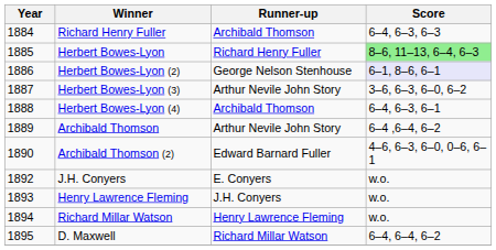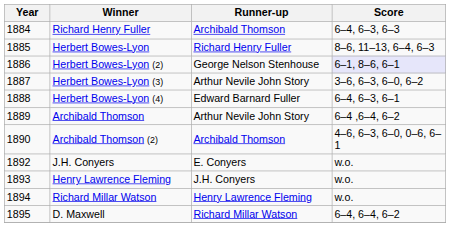 <table class="wikitable" style="font-size:98%;">
 <tr>
 <th style="width:60px;">Year</th>
 <th style="width:200px;">Winner</th>
 <th style="width:200px;">Runner-up</th>
 <th style="width:160px;">Score</th>
 </tr>
 <tr>
 <td>1884</td>
 <td> <a href='#'>Richard Henry Fuller</a></td>
 <td> <a href='#'>Archibald Thomson</a></td>
 <td>6–4, 6–3, 6–3</td>
 </tr>
 <tr>
 <td>1885</td>
 <td> <a href='#'>Herbert Bowes-Lyon</a></td>
 <td>  <a href='#'>Richard Henry Fuller</a></td>
-<td style="background: lightgreen;">8–6, 11–13, 6–4, 6–3</td>
+<td>8–6, 11–13, 6–4, 6–3</td>
 </tr>
 <tr>
 <td>1886</td>
 <td> <a href='#'>Herbert Bowes-Lyon</a> <small>(2)</small></td>
 <td> George Nelson Stenhouse</td>
 <td style="background: lavender;">6–1, 8–6, 6–1</td>
 </tr>
 <tr>
 <td>1887</td>
 <td> <a href='#'>Herbert Bowes-Lyon</a> <small>(3)</small></td>
 <td>  Arthur Nevile John Story</td>
 <td>3–6, 6–3, 6–0, 6–2</td>
 </tr>
 <tr>
 <td>1888</td>
 <td> <a href='#'>Herbert Bowes-Lyon</a> <small>(4)</small></td>
-<td> <a href='#'>Archibald Thomson</a></td>
+<td> Edward Barnard Fuller</td>
 <td>6–4, 6–3, 6–1</td>
 </tr>
 <tr>
 <td>1889</td>
 <td> <a href='#'>Archibald Thomson</a></td>
 <td>  Arthur Nevile John Story</td>
 <td>6–4 ,6–4, 6–2</td>
 </tr>
 <tr>
 <td>1890</td>
 <td> <a href='#'>Archibald Thomson</a> <small>(2)</small></td>
-<td> Edward Barnard Fuller</td>
+<td> <a href='#'>Archibald Thomson</a></td>
 <td>4–6, 6–3, 6–0, 0–6, 6–1</td>
 </tr>
 <tr>
 <td>1892</td>
 <td> J.H. Conyers</td>
 <td> E. Conyers</td>
 <td>w.o.</td>
 </tr>
 <tr>
 <td>1893</td>
 <td> <a href='#'>Henry Lawrence Fleming</a></td>
 <td> J.H. Conyers</td>
 <td>w.o.</td>
 </tr>
 <tr>
 <td>1894</td>
 <td> <a href='#'>Richard Millar Watson</a></td>
 <td> <a href='#'>Henry Lawrence Fleming</a></td>
 <td>w.o.</td>
 </tr>
 <tr>
 <td>1895</td>
 <td> D. Maxwell</td>
 <td> <a href='#'>Richard Millar Watson</a></td>
 <td>6–4, 6–4, 6–2</td>
 </tr>
 <tr>
 </tr>
 </table>
